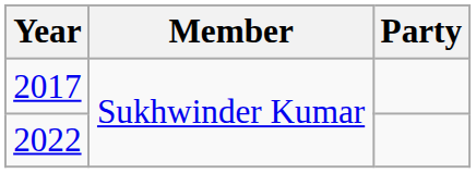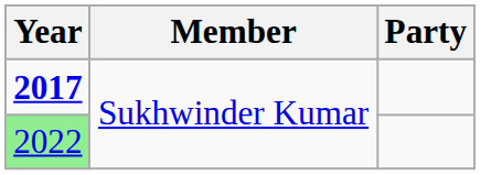 <table class="wikitable sortable">
 <tr>
 <th>Year</th>
 <th>Member</th>
 <th colspan="2">Party</th>
 </tr>
 <tr>
-<td><a href='#'>2017</a></td>
+<td><strong><a href='#'>2017</a></strong></td>
 <td rowspan=2><a href='#'>Sukhwinder Kumar</a></td>
 <td></td>
 </tr>
 <tr>
-<td><a href='#'>2022</a></td>
+<td style="background: lightgreen;"><a href='#'>2022</a></td>
 </tr>
 </table>
